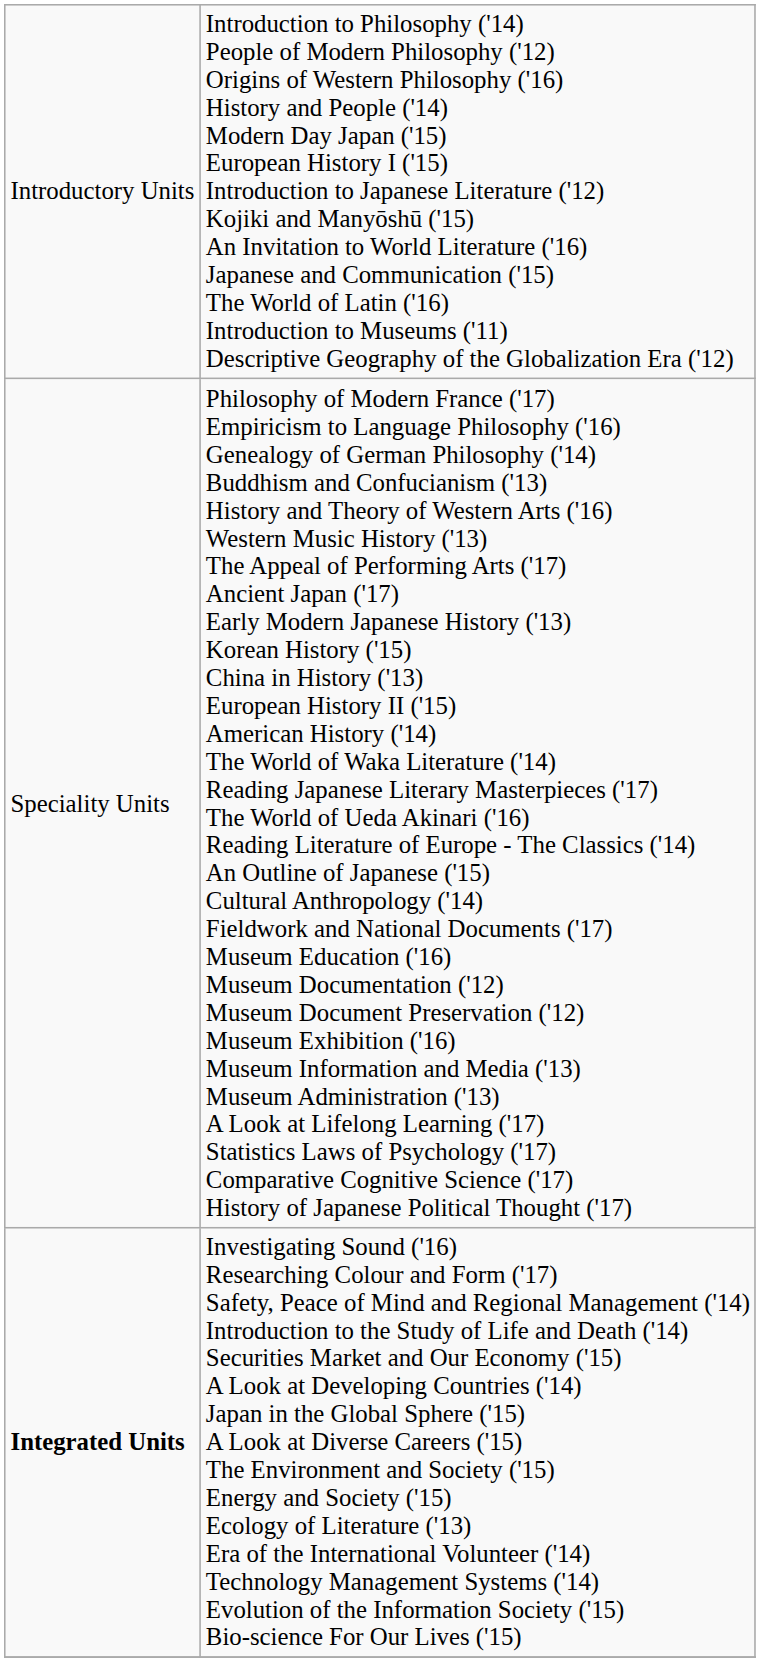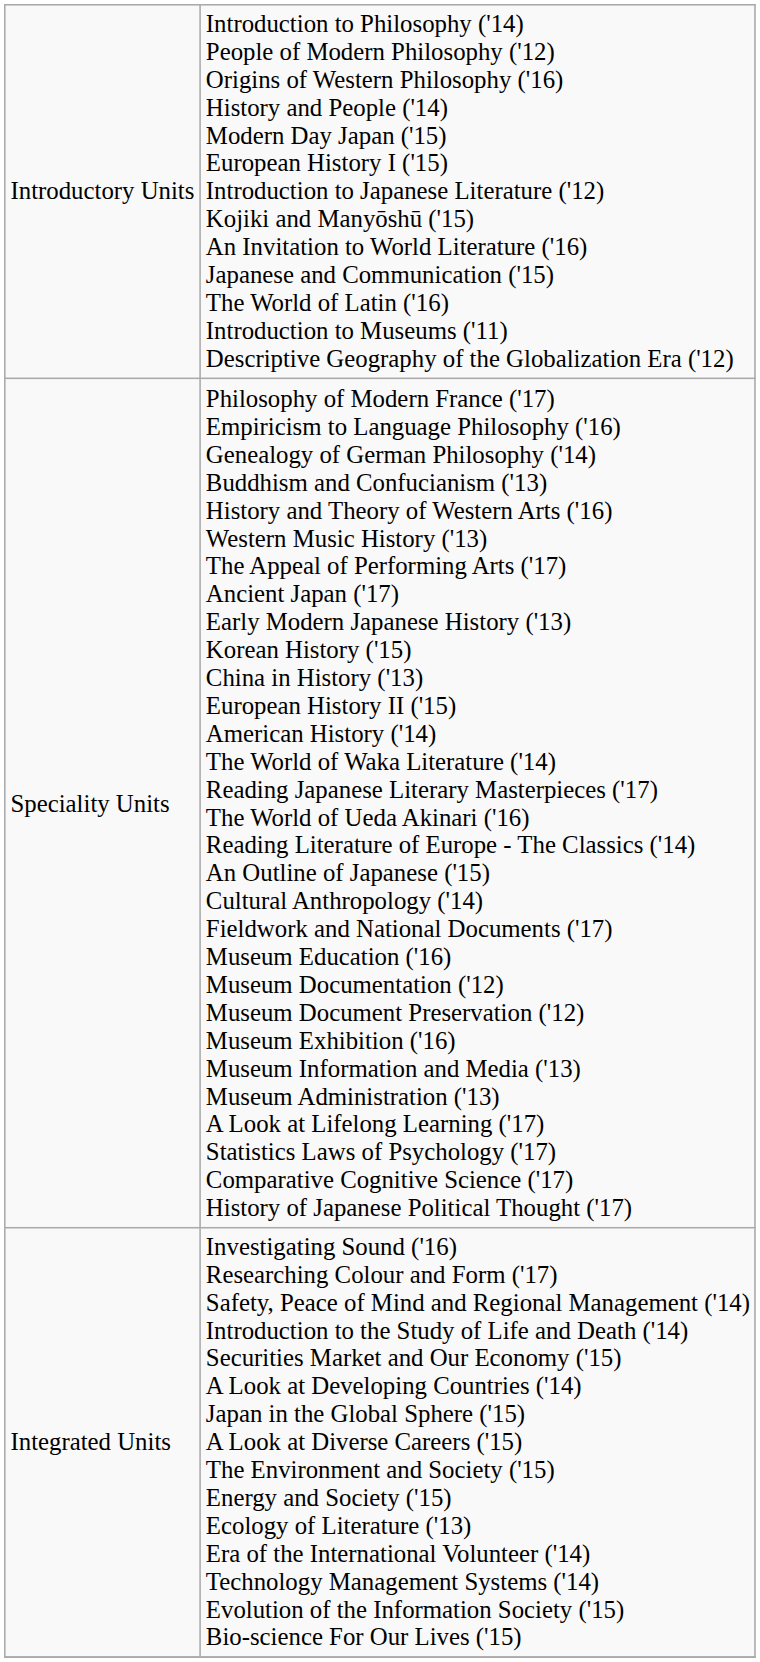 <table class="wikitable">
 <tr>
 <td>Introductory Units</td>
 <td>Introduction to Philosophy ('14)<br>People of Modern Philosophy ('12)<br>Origins of Western Philosophy ('16)<br>History and People ('14)<br>Modern Day Japan ('15)<br>European History I ('15)<br>Introduction to Japanese Literature ('12)<br>Kojiki and Manyōshū ('15)<br>An Invitation to World Literature ('16)<br>Japanese and Communication ('15)<br>The World of Latin ('16)<br>Introduction to Museums ('11)<br>Descriptive Geography of the Globalization Era ('12)</td>
 </tr>
 <tr>
 <td>Speciality Units</td>
 <td>Philosophy of Modern France ('17)<br>Empiricism to Language Philosophy ('16)<br>Genealogy of German Philosophy ('14)<br>Buddhism and Confucianism ('13)<br>History and Theory of Western Arts ('16)<br>Western Music History ('13)<br>The Appeal of Performing Arts ('17)<br>Ancient Japan ('17)<br>Early Modern Japanese History ('13)<br>Korean History ('15)<br>China in History ('13)<br>European History II ('15)<br>American History ('14)<br>The World of Waka Literature ('14)<br>Reading Japanese Literary Masterpieces ('17)<br>The World of Ueda Akinari ('16)<br>Reading Literature of Europe - The Classics ('14)<br>An Outline of Japanese ('15)<br>Cultural Anthropology ('14)<br>Fieldwork and National Documents ('17)<br>Museum Education ('16)<br>Museum Documentation ('12)<br>Museum Document Preservation ('12)<br>Museum Exhibition ('16)<br>Museum Information and Media ('13)<br>Museum Administration ('13)<br>A Look at Lifelong Learning ('17)<br>Statistics Laws of Psychology ('17)<br>Comparative Cognitive Science ('17)<br>History of Japanese Political Thought ('17)</td>
 </tr>
 <tr>
-<td><strong>Integrated Units</strong></td>
+<td>Integrated Units</td>
 <td>Investigating Sound ('16)<br>Researching Colour and Form ('17)<br>Safety, Peace of Mind and Regional Management ('14)<br>Introduction to the Study of Life and Death ('14)<br>Securities Market and Our Economy ('15)<br>A Look at Developing Countries ('14)<br>Japan in the Global Sphere ('15)<br>A Look at Diverse Careers ('15)<br>The Environment and Society ('15)<br>Energy and Society ('15)<br>Ecology of Literature ('13)<br>Era of the International Volunteer ('14)<br>Technology Management Systems ('14)<br>Evolution of the Information Society ('15)<br>Bio-science For Our Lives ('15)</td>
 </tr>
 <tr>
 </tr>
 </table>
